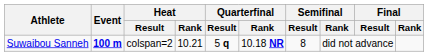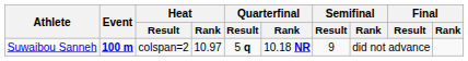 <table class="wikitable" style="font-size:90%">
 <tr>
 <th rowspan="2">Athlete</th>
 <th rowspan="2">Event</th>
 <th colspan="2">Heat</th>
 <th colspan="2">Quarterfinal</th>
 <th colspan="2">Semifinal</th>
 <th colspan="2">Final</th>
 </tr>
 <tr style="font-size:95%">
 <th>Result</th>
 <th>Rank</th>
 <th>Result</th>
 <th>Rank</th>
 <th>Result</th>
 <th>Rank</th>
 <th>Result</th>
 <th>Rank</th>
 </tr>
 <tr align=center>
 <td align=left><a href='#'>Suwaibou Sanneh</a></td>
 <td align=left><strong><a href='#'>100 m</a></strong></td>
 <td>colspan=2 </td>
-<td>10.21</td>
+<td>10.97</td>
 <td>5 <strong>q</strong></td>
 <td>10.18 <strong><a href='#'>NR</a></strong></td>
-<td>8</td>
+<td>9</td>
 <td colspan="2">did not advance</td>
 </tr>
 </table>
